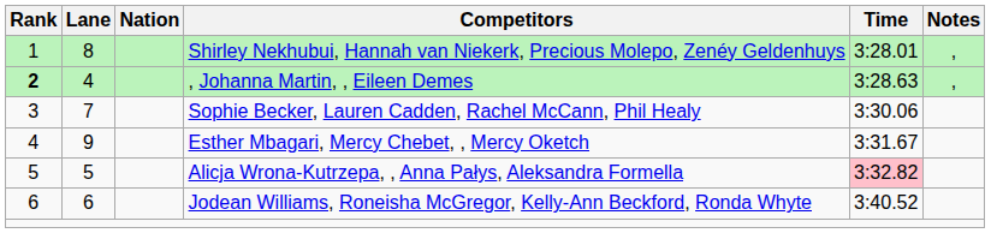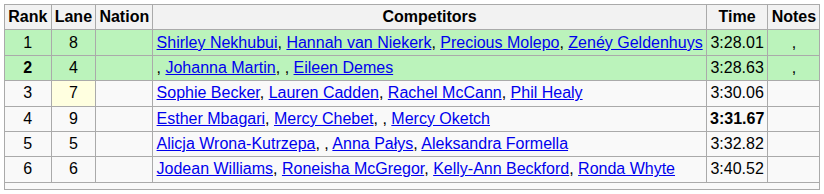 <table class="wikitable sortable" style="text-align:center">
 <tr>
 <th scope="col" style="width: 10px;">Rank</th>
 <th scope="col" style="width: 10px;">Lane</th>
 <th scope="col">Nation</th>
 <th scope="col">Competitors</th>
 <th scope="col">Time</th>
 <th scope="col">Notes</th>
 </tr>
 <tr bgcolor="#bbf3bb">
 <td>1</td>
 <td>8</td>
 <td align="left"></td>
 <td align="left"><a href='#'>Shirley Nekhubui</a>, <a href='#'>Hannah van Niekerk</a>, <a href='#'>Precious Molepo</a>, <a href='#'>Zenéy Geldenhuys</a></td>
 <td>3:28.01</td>
 <td>, <strong></strong></td>
 </tr>
 <tr bgcolor="#bbf3bb">
 <td><strong>2</strong></td>
 <td>4</td>
 <td align="left"></td>
 <td align="left">, <a href='#'>Johanna Martin</a>, , <a href='#'>Eileen Demes</a></td>
 <td>3:28.63</td>
 <td>, </td>
 </tr>
 <tr>
 <td>3</td>
-<td>7</td>
+<td style="background: lightyellow;">7</td>
 <td align="left"></td>
 <td align="left"><a href='#'>Sophie Becker</a>, <a href='#'>Lauren Cadden</a>, <a href='#'>Rachel McCann</a>, <a href='#'>Phil Healy</a></td>
 <td>3:30.06</td>
 <td></td>
 </tr>
 <tr>
 <td>4</td>
 <td>9</td>
 <td align="left"></td>
 <td align="left"><a href='#'>Esther Mbagari</a>, <a href='#'>Mercy Chebet</a>, , <a href='#'>Mercy Oketch</a></td>
-<td>3:31.67</td>
+<td><strong>3:31.67</strong></td>
 <td></td>
 </tr>
 <tr>
 <td>5</td>
 <td>5</td>
 <td align="left"></td>
 <td align="left"><a href='#'>Alicja Wrona-Kutrzepa</a>, , <a href='#'>Anna Pałys</a>, <a href='#'>Aleksandra Formella</a></td>
-<td style="background: pink;">3:32.82</td>
+<td>3:32.82</td>
 <td></td>
 </tr>
 <tr>
 <td>6</td>
 <td>6</td>
 <td align="left"></td>
 <td align="left"><a href='#'>Jodean Williams</a>, <a href='#'>Roneisha McGregor</a>, <a href='#'>Kelly-Ann Beckford</a>, <a href='#'>Ronda Whyte</a></td>
 <td>3:40.52</td>
 <td></td>
 </tr>
 <tr class="sortbottom">
 <td colspan="6"></td>
 </tr>
 </table>
